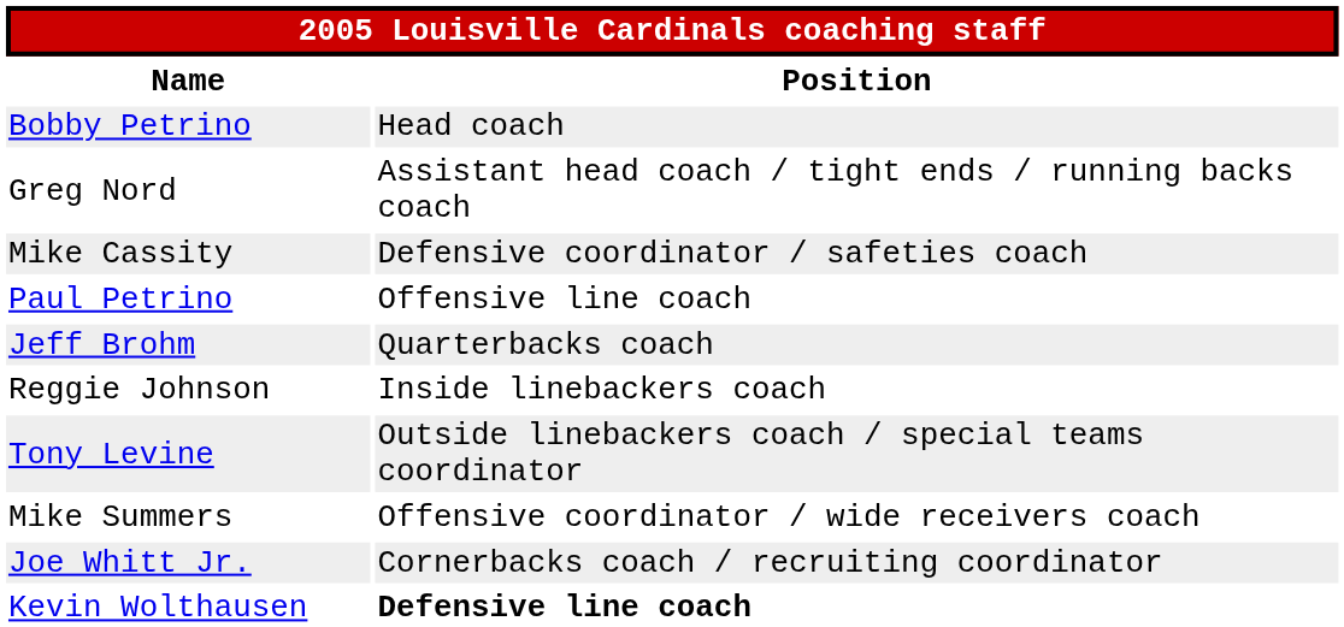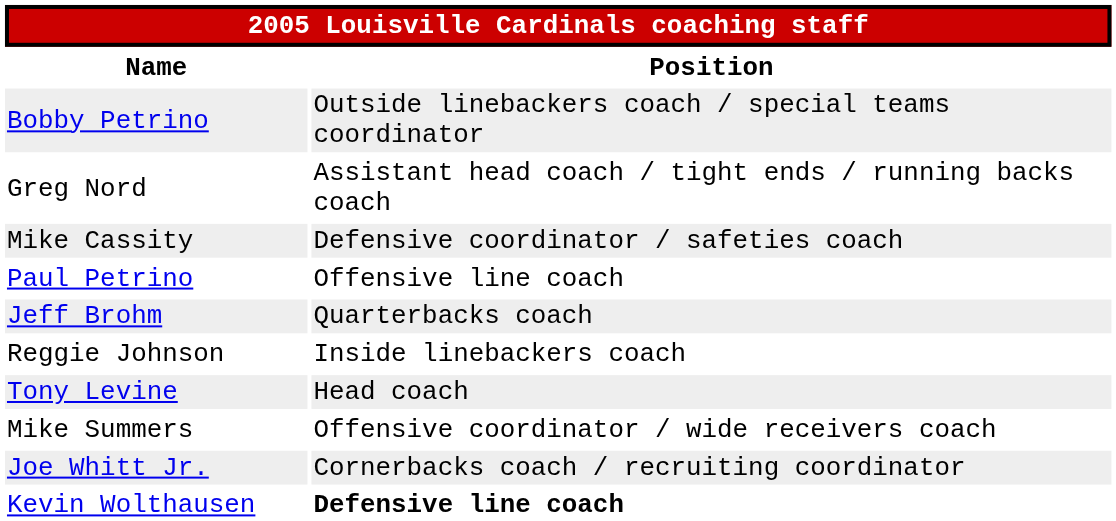 <table class="toccolours">
 <tr>
 <th colspan="5" style="text-align: center; background:#CC0000; color:#FFFFFF; border:2px solid black">2005 Louisville Cardinals coaching staff</th>
 </tr>
 <tr>
 <th width="150px">Name</th>
 <th width="400px">Position</th>
 </tr>
 <tr bgcolor=#EEEEEE>
 <td><a href='#'>Bobby Petrino</a></td>
-<td>Head coach</td>
+<td>Outside linebackers coach / special teams coordinator</td>
 </tr>
 <tr>
 <td>Greg Nord</td>
 <td>Assistant head coach / tight ends / running backs coach</td>
 </tr>
 <tr bgcolor=#EEEEEE>
 <td>Mike Cassity</td>
 <td>Defensive coordinator / safeties coach</td>
 </tr>
 <tr>
 <td><a href='#'>Paul Petrino</a></td>
 <td>Offensive line coach</td>
 </tr>
 <tr bgcolor=#EEEEEE>
 <td><a href='#'>Jeff Brohm</a></td>
 <td>Quarterbacks coach</td>
 </tr>
 <tr>
 <td>Reggie Johnson</td>
 <td>Inside linebackers coach</td>
 </tr>
 <tr bgcolor=#EEEEEE>
 <td><a href='#'>Tony Levine</a></td>
-<td>Outside linebackers coach / special teams coordinator</td>
+<td>Head coach</td>
 </tr>
 <tr>
 <td>Mike Summers</td>
 <td>Offensive coordinator / wide receivers coach</td>
 </tr>
 <tr bgcolor=#EEEEEE>
 <td><a href='#'>Joe Whitt Jr.</a></td>
 <td>Cornerbacks coach / recruiting coordinator</td>
 </tr>
 <tr>
 <td><a href='#'>Kevin Wolthausen</a></td>
 <td><strong>Defensive line coach</strong></td>
 </tr>
 </table>
